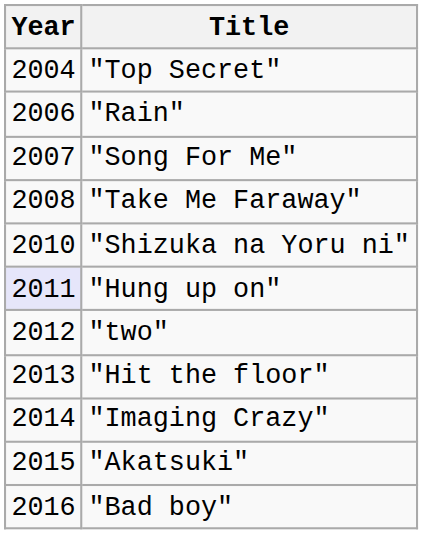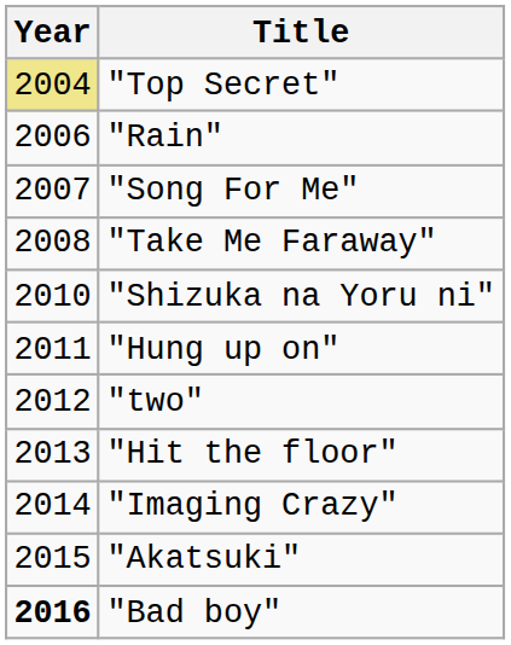 <table class="wikitable sortable">
 <tr>
 <th>Year</th>
 <th>Title</th>
 </tr>
 <tr>
-<td>2004</td>
+<td style="background: khaki;">2004</td>
 <td>"Top Secret"</td>
 </tr>
 <tr>
 <td>2006</td>
 <td>"Rain"</td>
 </tr>
 <tr>
 <td>2007</td>
 <td>"Song For Me"</td>
 </tr>
 <tr>
 <td>2008</td>
 <td>"Take Me Faraway"</td>
 </tr>
 <tr>
 <td>2010</td>
 <td>"Shizuka na Yoru ni"</td>
 </tr>
 <tr>
-<td style="background: lavender;">2011</td>
+<td>2011</td>
 <td>"Hung up on"</td>
 </tr>
 <tr>
 <td>2012</td>
 <td>"two"</td>
 </tr>
 <tr>
 <td>2013</td>
 <td>"Hit the floor"</td>
 </tr>
 <tr>
 <td>2014</td>
 <td>"Imaging Crazy"</td>
 </tr>
 <tr>
 <td>2015</td>
 <td>"Akatsuki"</td>
 </tr>
 <tr>
-<td>2016</td>
+<td><strong>2016</strong></td>
 <td>"Bad boy"</td>
 </tr>
 </table>
